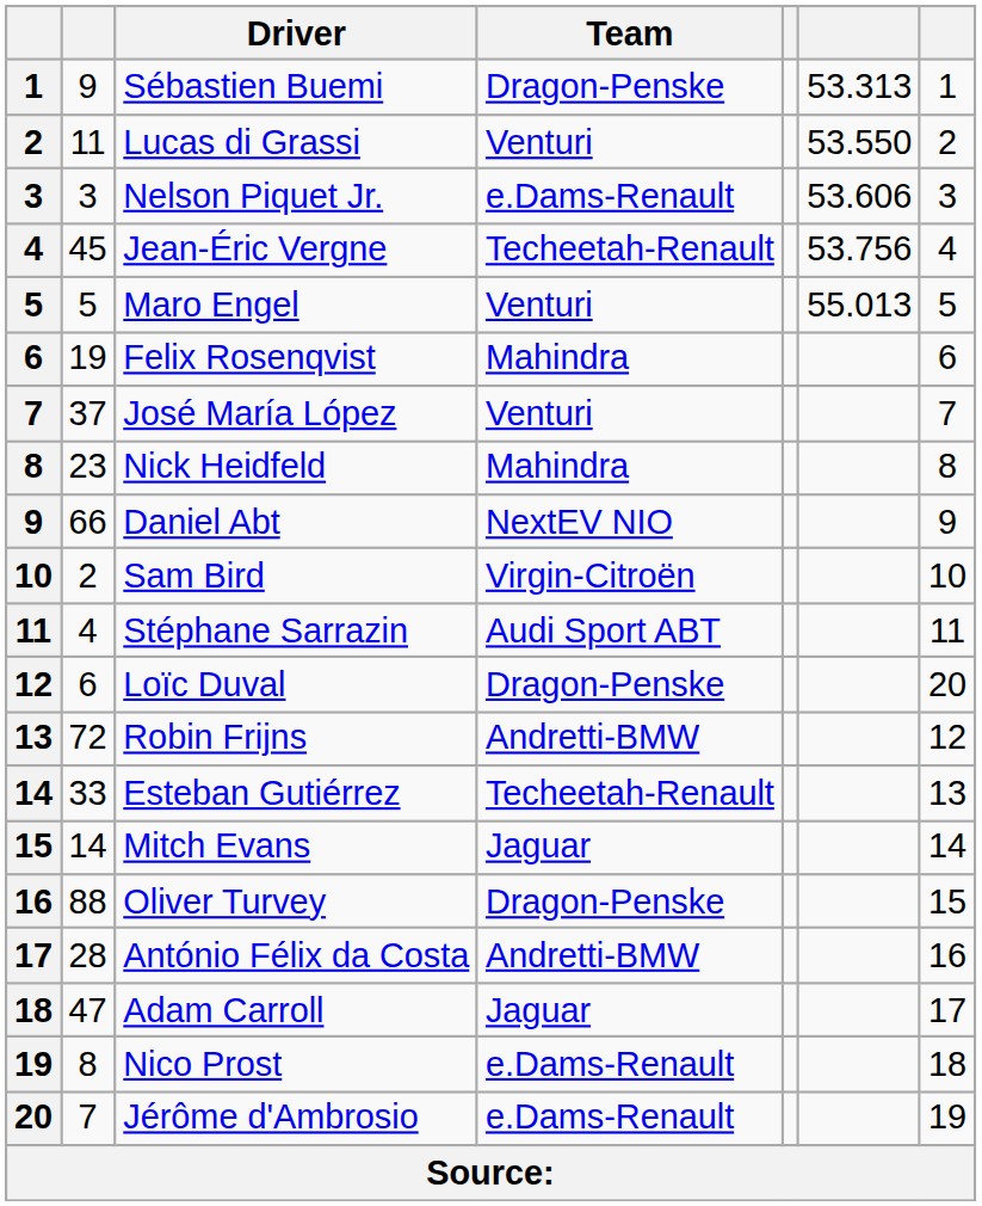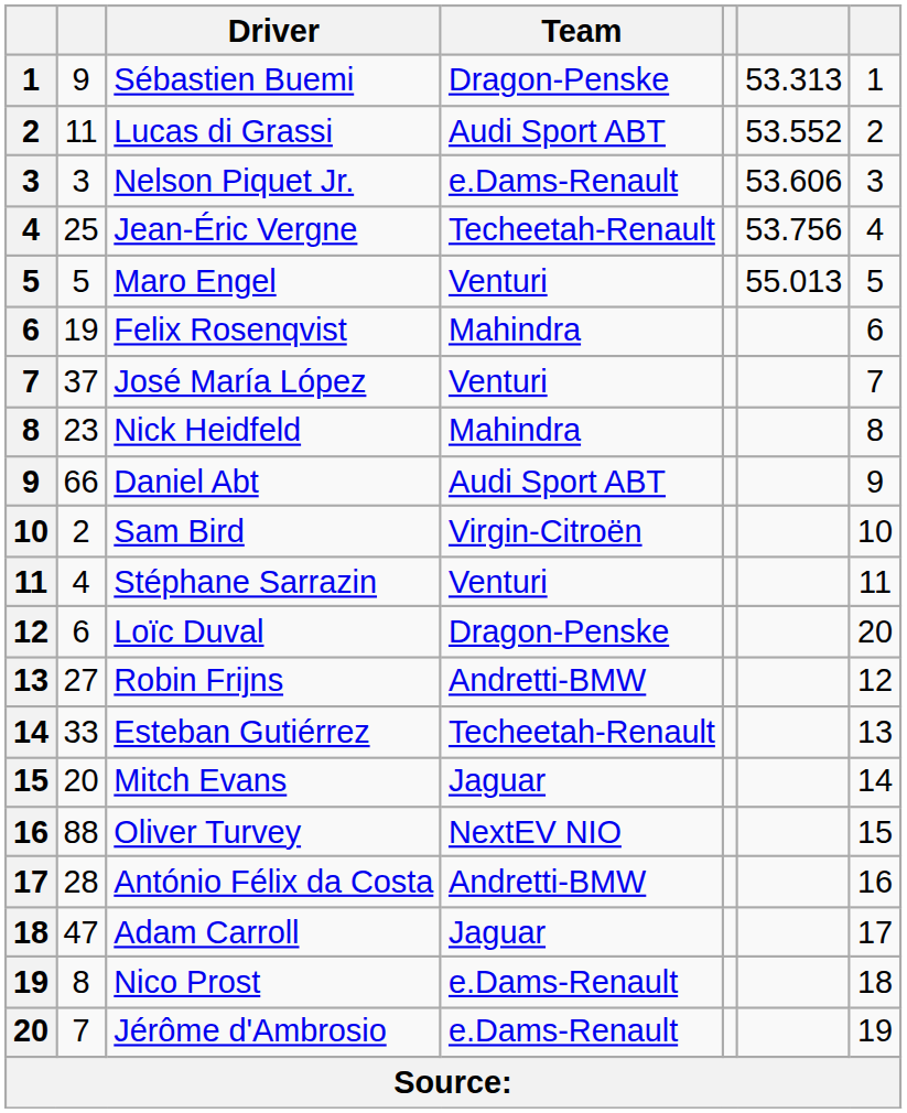 <table class="wikitable sortable" style="font-size: 85%">
 <tr>
 <th scope="col"></th>
 <th scope="col"></th>
 <th scope="col">Driver</th>
 <th scope="col">Team</th>
 <th scope="col"></th>
 <th scope="col"></th>
 <th scope="col"></th>
 </tr>
 <tr>
 <th scope="row">1</th>
 <td align="center">9</td>
 <td data-sort-value="BUE"> <a href='#'>Sébastien Buemi</a></td>
 <td><a href='#'>Dragon-Penske</a></td>
 <td></td>
 <td>53.313</td>
 <td align="center">1</td>
 </tr>
 <tr>
 <th scope="row">2</th>
 <td align="center">11</td>
 <td data-sort-value="DIG"> <a href='#'>Lucas di Grassi</a></td>
-<td><a href='#'>Venturi</a></td>
+<td><a href='#'>Audi Sport ABT</a></td>
 <td></td>
-<td>53.550</td>
+<td>53.552</td>
 <td align="center">2</td>
 </tr>
 <tr>
 <th scope="row">3</th>
 <td align="center">3</td>
 <td data-sort-value="PIQ"> <a href='#'>Nelson Piquet Jr.</a></td>
 <td><a href='#'>e.Dams-Renault</a></td>
 <td></td>
 <td>53.606</td>
 <td align="center">3</td>
 </tr>
 <tr>
 <th scope="row">4</th>
-<td align="center">45</td>
+<td align="center">25</td>
 <td data-sort-value="VER"> <a href='#'>Jean-Éric Vergne</a></td>
 <td><a href='#'>Techeetah-Renault</a></td>
 <td></td>
 <td>53.756</td>
 <td align="center">4</td>
 </tr>
 <tr>
 <th scope="row">5</th>
 <td align="center">5</td>
 <td data-sort-value="ENG"> <a href='#'>Maro Engel</a></td>
 <td><a href='#'>Venturi</a></td>
 <td></td>
 <td>55.013</td>
 <td align="center">5</td>
 </tr>
 <tr>
 <th scope="row">6</th>
 <td align="center">19</td>
 <td data-sort-value="ROS"> <a href='#'>Felix Rosenqvist</a></td>
 <td><a href='#'>Mahindra</a></td>
 <td></td>
 <td></td>
 <td align="center">6</td>
 </tr>
 <tr>
 <th scope="row">7</th>
 <td align="center">37</td>
 <td data-sort-value="LOP"> <a href='#'>José María López</a></td>
 <td><a href='#'>Venturi</a></td>
 <td></td>
 <td></td>
 <td align="center">7</td>
 </tr>
 <tr>
 <th scope="row">8</th>
 <td align="center">23</td>
 <td data-sort-value="HEI"> <a href='#'>Nick Heidfeld</a></td>
 <td><a href='#'>Mahindra</a></td>
 <td></td>
 <td></td>
 <td align="center">8</td>
 </tr>
 <tr>
 <th scope="row">9</th>
 <td align="center">66</td>
 <td data-sort-value="ABT"> <a href='#'>Daniel Abt</a></td>
-<td><a href='#'>NextEV NIO</a></td>
+<td><a href='#'>Audi Sport ABT</a></td>
 <td></td>
 <td></td>
 <td align="center">9</td>
 </tr>
 <tr>
 <th scope="row">10</th>
 <td align="center">2</td>
 <td data-sort-value="BIR"> <a href='#'>Sam Bird</a></td>
 <td><a href='#'>Virgin-Citroën</a></td>
 <td></td>
 <td></td>
 <td align="center">10</td>
 </tr>
 <tr>
 <th scope="row">11</th>
 <td align="center">4</td>
 <td data-sort-value="SAR"> <a href='#'>Stéphane Sarrazin</a></td>
-<td><a href='#'>Audi Sport ABT</a></td>
+<td><a href='#'>Venturi</a></td>
 <td></td>
 <td></td>
 <td align="center">11</td>
 </tr>
 <tr>
 <th scope="row">12</th>
 <td align="center">6</td>
 <td data-sort-value="DUV"> <a href='#'>Loïc Duval</a></td>
 <td><a href='#'>Dragon-Penske</a></td>
 <td></td>
 <td></td>
 <td align="center">20</td>
 </tr>
 <tr>
 <th scope="row">13</th>
-<td align="center">72</td>
+<td align="center">27</td>
 <td data-sort-value="FRI"> <a href='#'>Robin Frijns</a></td>
 <td><a href='#'>Andretti-BMW</a></td>
 <td></td>
 <td></td>
 <td align="center">12</td>
 </tr>
 <tr>
 <th scope="row">14</th>
 <td align="center">33</td>
 <td data-sort-value="GUT"> <a href='#'>Esteban Gutiérrez</a></td>
 <td><a href='#'>Techeetah-Renault</a></td>
 <td></td>
 <td></td>
 <td align="center">13</td>
 </tr>
 <tr>
 <th scope="row">15</th>
-<td align="center">14</td>
+<td align="center">20</td>
 <td data-sort-value="EVA"> <a href='#'>Mitch Evans</a></td>
 <td><a href='#'>Jaguar</a></td>
 <td></td>
 <td></td>
 <td align="center">14</td>
 </tr>
 <tr>
 <th scope="row">16</th>
 <td align="center">88</td>
 <td data-sort-value="TUR"> <a href='#'>Oliver Turvey</a></td>
-<td><a href='#'>Dragon-Penske</a></td>
+<td><a href='#'>NextEV NIO</a></td>
 <td></td>
 <td></td>
 <td align="center">15</td>
 </tr>
 <tr>
 <th scope="row">17</th>
 <td align="center">28</td>
 <td data-sort-value="FDC"> <a href='#'>António Félix da Costa</a></td>
 <td><a href='#'>Andretti-BMW</a></td>
 <td></td>
 <td></td>
 <td align="center">16</td>
 </tr>
 <tr>
 <th scope="row">18</th>
 <td align="center">47</td>
 <td data-sort-value="CAR"> <a href='#'>Adam Carroll</a></td>
 <td><a href='#'>Jaguar</a></td>
 <td></td>
 <td></td>
 <td align="center">17</td>
 </tr>
 <tr>
 <th scope="row">19</th>
 <td align="center">8</td>
 <td data-sort-value="PRO"> <a href='#'>Nico Prost</a></td>
 <td><a href='#'>e.Dams-Renault</a></td>
 <td></td>
 <td></td>
 <td align="center">18</td>
 </tr>
 <tr>
 <th scope="row">20</th>
 <td align="center">7</td>
 <td data-sort-value="DAM"> <a href='#'>Jérôme d'Ambrosio</a></td>
 <td><a href='#'>e.Dams-Renault</a></td>
 <td></td>
 <td></td>
 <td align="center">19</td>
 </tr>
 <tr>
 <th colspan="7">Source:</th>
 </tr>
 <tr>
 </tr>
 </table>
